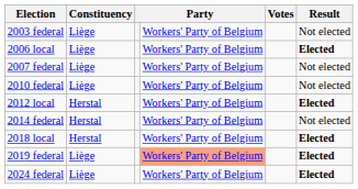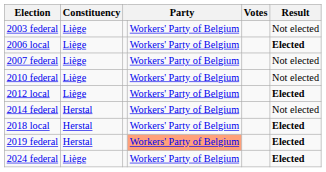 <table class="wikitable" style="text-align:left;">
 <tr>
 <th scope=col>Election</th>
 <th scope=col>Constituency</th>
 <th scope=col colspan="2">Party</th>
 <th scope=col>Votes</th>
 <th scope=col>Result</th>
 </tr>
 <tr>
 <td><a href='#'>2003 federal</a></td>
 <td><a href='#'>Liège</a></td>
 <td style="background:"></td>
 <td><a href='#'>Workers' Party of Belgium</a></td>
 <td align=right></td>
 <td>Not elected</td>
 </tr>
 <tr>
 <td><a href='#'>2006 local</a></td>
 <td><a href='#'>Liège</a></td>
 <td style="background:"></td>
 <td><a href='#'>Workers' Party of Belgium</a></td>
 <td align=right></td>
 <td><strong>Elected</strong></td>
 </tr>
 <tr>
 <td><a href='#'>2007 federal</a></td>
 <td><a href='#'>Liège</a></td>
 <td style="background:"></td>
 <td><a href='#'>Workers' Party of Belgium</a></td>
 <td align=right></td>
 <td>Not elected</td>
 </tr>
 <tr>
 <td><a href='#'>2010 federal</a></td>
 <td><a href='#'>Liège</a></td>
 <td style="background:"></td>
 <td><a href='#'>Workers' Party of Belgium</a></td>
 <td align=right></td>
 <td>Not elected</td>
 </tr>
 <tr>
 <td><a href='#'>2012 local</a></td>
-<td><a href='#'>Herstal</a></td>
+<td><a href='#'>Liège</a></td>
 <td style="background:"></td>
 <td><a href='#'>Workers' Party of Belgium</a></td>
 <td align=right></td>
 <td><strong>Elected</strong></td>
 </tr>
 <tr>
 <td><a href='#'>2014 federal</a></td>
 <td><a href='#'>Herstal</a></td>
 <td style="background:"></td>
 <td><a href='#'>Workers' Party of Belgium</a></td>
 <td align=right></td>
 <td>Not elected</td>
 </tr>
 <tr>
 <td><a href='#'>2018 local</a></td>
 <td><a href='#'>Herstal</a></td>
 <td style="background:"></td>
 <td><a href='#'>Workers' Party of Belgium</a></td>
 <td align=right></td>
 <td><strong>Elected</strong></td>
 </tr>
 <tr>
 <td><a href='#'>2019 federal</a></td>
-<td><a href='#'>Liège</a></td>
+<td><a href='#'>Herstal</a></td>
 <td style="background:"></td>
 <td style="background: lightsalmon;"><a href='#'>Workers' Party of Belgium</a></td>
 <td align=right></td>
 <td><strong>Elected</strong></td>
 </tr>
 <tr>
 <td><a href='#'>2024 federal</a></td>
 <td><a href='#'>Liège</a></td>
 <td style="background:"></td>
 <td><a href='#'>Workers' Party of Belgium</a></td>
 <td align=right></td>
 <td><strong>Elected</strong></td>
 </tr>
 </table>
